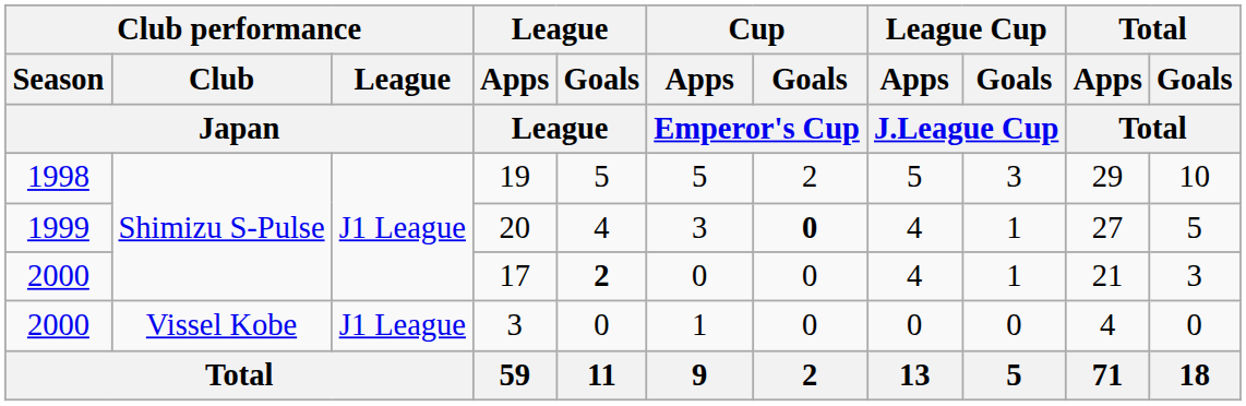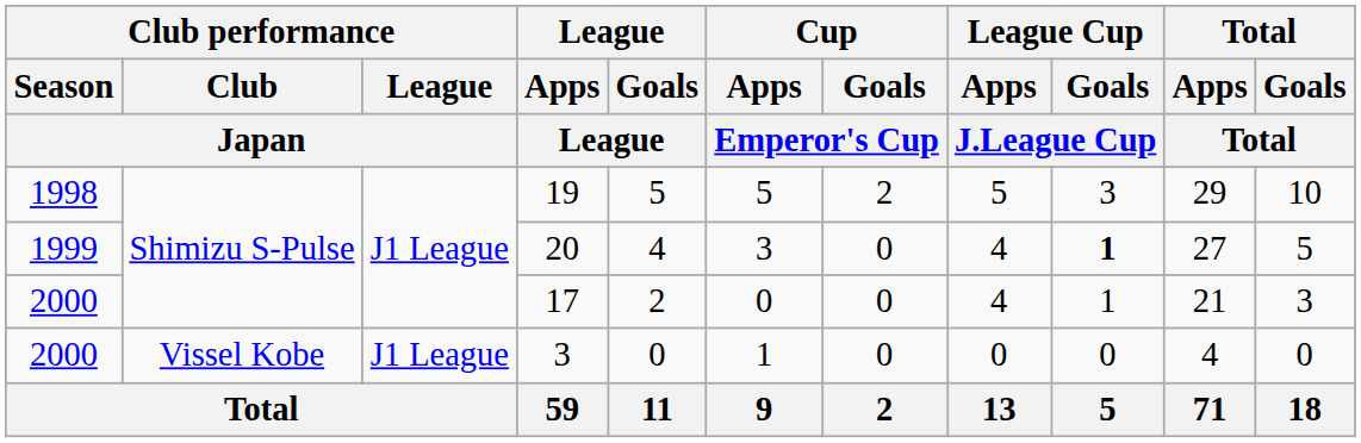 <table class="wikitable" style="text-align:center;">
 <tr>
 <th colspan=3>Club performance</th>
 <th colspan=2>League</th>
 <th colspan=2>Cup</th>
 <th colspan=2>League Cup</th>
 <th colspan=2>Total</th>
 </tr>
 <tr>
 <th>Season</th>
 <th>Club</th>
 <th>League</th>
 <th>Apps</th>
 <th>Goals</th>
 <th>Apps</th>
 <th>Goals</th>
 <th>Apps</th>
 <th>Goals</th>
 <th>Apps</th>
 <th>Goals</th>
 </tr>
 <tr>
 <th colspan=3>Japan</th>
 <th colspan=2>League</th>
 <th colspan=2><a href='#'>Emperor's Cup</a></th>
 <th colspan=2><a href='#'>J.League Cup</a></th>
 <th colspan=2>Total</th>
 </tr>
 <tr>
 <td><a href='#'>1998</a></td>
 <td rowspan="3"><a href='#'>Shimizu S-Pulse</a></td>
 <td rowspan="3"><a href='#'>J1 League</a></td>
 <td>19</td>
 <td>5</td>
 <td>5</td>
 <td>2</td>
 <td>5</td>
 <td>3</td>
 <td>29</td>
 <td>10</td>
 </tr>
 <tr>
 <td><a href='#'>1999</a></td>
 <td>20</td>
 <td>4</td>
 <td>3</td>
-<td><strong>0</strong></td>
+<td>0</td>
 <td>4</td>
-<td>1</td>
+<td><strong>1</strong></td>
 <td>27</td>
 <td>5</td>
 </tr>
 <tr>
 <td><a href='#'>2000</a></td>
 <td>17</td>
-<td><strong>2</strong></td>
+<td>2</td>
 <td>0</td>
 <td>0</td>
 <td>4</td>
 <td>1</td>
 <td>21</td>
 <td>3</td>
 </tr>
 <tr>
 <td><a href='#'>2000</a></td>
 <td><a href='#'>Vissel Kobe</a></td>
 <td><a href='#'>J1 League</a></td>
 <td>3</td>
 <td>0</td>
 <td>1</td>
 <td>0</td>
 <td>0</td>
 <td>0</td>
 <td>4</td>
 <td>0</td>
 </tr>
 <tr>
 <th colspan=3>Total</th>
 <th>59</th>
 <th>11</th>
 <th>9</th>
 <th>2</th>
 <th>13</th>
 <th>5</th>
 <th>71</th>
 <th>18</th>
 </tr>
 </table>
